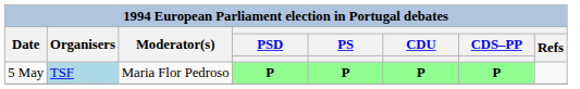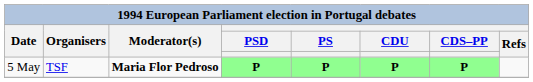 <table class="wikitable" style="font-size:98%; text-align:center;">
 <tr>
 <th style="background:#B0C4DE" colspan="18">1994 European Parliament election in Portugal debates</th>
 </tr>
 <tr>
 <th rowspan="3">Date</th>
 <th rowspan="3">Organisers</th>
 <th rowspan="3">Moderator(s)</th>
 <th colspan="19">      </th>
 </tr>
 <tr>
 <th scope="col" style="width:5em;"><a href='#'>PSD</a><br></th>
 <th scope="col" style="width:5em;"><a href='#'>PS</a><br></th>
 <th scope="col" style="width:5em;"><a href='#'>CDU</a><br></th>
 <th scope="col" style="width:5em;"><a href='#'>CDS–PP</a><br></th>
 <th rowspan="2">Refs</th>
 </tr>
 <tr>
 <th style="color:inherit;background:"></th>
 <th style="color:inherit;background:"></th>
 <th style="color:inherit;background:"></th>
 <th style="color:inherit;background:"></th>
 </tr>
 <tr>
 <td style="white-space:nowrap; text-align:left;">5 May</td>
-<td style="background: lightblue; white-space:nowrap; text-align:left;"><a href='#'>TSF</a></td>
-<td style="white-space:nowrap; text-align:left;">Maria Flor Pedroso</td>
+<td style="white-space:nowrap; text-align:left;"><a href='#'>TSF</a></td>
+<td style="white-space:nowrap; text-align:left;"><strong>Maria Flor Pedroso</strong></td>
 <td style="background:#90FF90;"><strong>P</strong></td>
 <td style="background:#90FF90;"><strong>P</strong></td>
 <td style="background:#90FF90;"><strong>P</strong></td>
 <td style="background:#90FF90;"><strong>P</strong></td>
 <td></td>
 </tr>
 <tr>
 </tr>
 </table>
